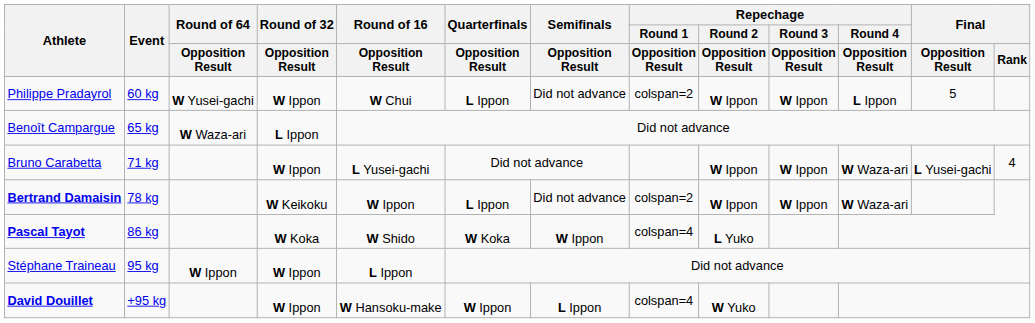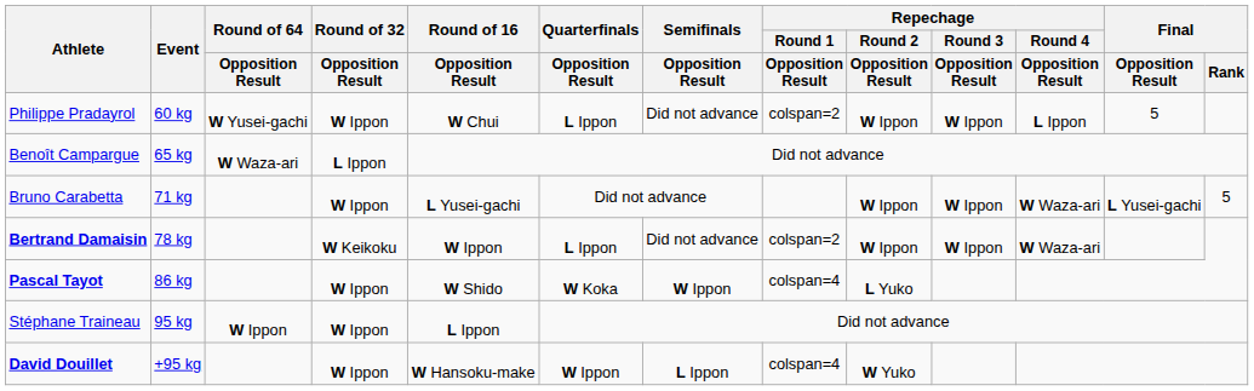 <table class="wikitable" style="font-size:90%">
 <tr>
 <th rowspan="3">Athlete</th>
 <th rowspan="3">Event</th>
 <th rowspan="2">Round of 64</th>
 <th rowspan="2">Round of 32</th>
 <th rowspan="2">Round of 16</th>
 <th rowspan="2">Quarterfinals</th>
 <th rowspan="2">Semifinals</th>
 <th colspan=4>Repechage</th>
 <th rowspan="2" colspan=2>Final</th>
 </tr>
 <tr style="font-size:95%">
 <th>Round 1</th>
 <th>Round 2</th>
 <th>Round 3</th>
 <th>Round 4</th>
 </tr>
 <tr style="font-size:95%">
 <th>Opposition<br>Result</th>
 <th>Opposition<br>Result</th>
 <th>Opposition<br>Result</th>
 <th>Opposition<br>Result</th>
 <th>Opposition<br>Result</th>
 <th>Opposition<br>Result</th>
 <th>Opposition<br>Result</th>
 <th>Opposition<br>Result</th>
 <th>Opposition<br>Result</th>
 <th>Opposition<br>Result</th>
 <th>Rank</th>
 </tr>
 <tr align=center>
 <td align=left><a href='#'>Philippe Pradayrol</a></td>
 <td align=left><a href='#'>60 kg</a></td>
 <td><br><strong>W</strong> Yusei-gachi</td>
 <td><br><strong>W</strong> Ippon</td>
 <td><br><strong>W</strong> Chui</td>
 <td><br><strong>L</strong> Ippon</td>
 <td>Did not advance</td>
 <td>colspan=2</td>
 <td><br><strong>W</strong> Ippon</td>
 <td><br><strong>W</strong> Ippon</td>
 <td><br><strong>L</strong> Ippon</td>
 <td>5</td>
 </tr>
 <tr align=center>
 <td align=left><a href='#'>Benoît Campargue</a></td>
 <td align=left><a href='#'>65 kg</a></td>
 <td><br><strong>W</strong> Waza-ari</td>
 <td><br><strong>L</strong> Ippon</td>
 <td colspan=9>Did not advance</td>
 </tr>
 <tr align=center>
 <td align=left><a href='#'>Bruno Carabetta</a></td>
 <td align=left><a href='#'>71 kg</a></td>
 <td></td>
 <td><br><strong>W</strong> Ippon</td>
 <td><br><strong>L</strong> Yusei-gachi</td>
 <td colspan=2>Did not advance</td>
 <td></td>
 <td><br><strong>W</strong> Ippon</td>
 <td><br><strong>W</strong> Ippon</td>
 <td><br><strong>W</strong>  Waza-ari</td>
 <td><br><strong>L</strong> Yusei-gachi</td>
-<td>4</td>
+<td>5</td>
 </tr>
 <tr align=center>
 <td align=left><strong><a href='#'>Bertrand Damaisin</a></strong></td>
 <td align=left><a href='#'>78 kg</a></td>
 <td></td>
 <td><br><strong>W</strong> Keikoku</td>
 <td><br><strong>W</strong> Ippon</td>
 <td><br><strong>L</strong> Ippon</td>
 <td>Did not advance</td>
 <td>colspan=2</td>
 <td><br><strong>W</strong> Ippon</td>
 <td><br><strong>W</strong> Ippon</td>
 <td><br><strong>W</strong> Waza-ari</td>
 <td></td>
 </tr>
 <tr align=center>
 <td align=left><strong><a href='#'>Pascal Tayot</a></strong></td>
 <td align=left><a href='#'>86 kg</a></td>
 <td></td>
-<td><br><strong>W</strong> Koka</td>
+<td><br><strong>W</strong> Ippon</td>
 <td><br><strong>W</strong> Shido</td>
 <td><br><strong>W</strong> Koka</td>
 <td><br><strong>W</strong> Ippon</td>
 <td>colspan=4</td>
 <td><br><strong>L</strong> Yuko</td>
 <td></td>
 </tr>
 <tr align=center>
 <td align=left><a href='#'>Stéphane Traineau</a></td>
 <td align=left><a href='#'>95 kg</a></td>
 <td><br><strong>W</strong> Ippon</td>
 <td><br><strong>W</strong> Ippon</td>
 <td><br><strong>L</strong> Ippon</td>
 <td colspan=8>Did not advance</td>
 </tr>
 <tr align=center>
 <td align=left><strong><a href='#'>David Douillet</a></strong></td>
 <td align=left><a href='#'>+95 kg</a></td>
 <td></td>
 <td><br><strong>W</strong> Ippon</td>
 <td><br><strong>W</strong> Hansoku-make</td>
 <td><br><strong>W</strong> Ippon</td>
 <td><br><strong>L</strong> Ippon</td>
 <td>colspan=4</td>
 <td><br><strong>W</strong> Yuko</td>
 <td></td>
 </tr>
 </table>
